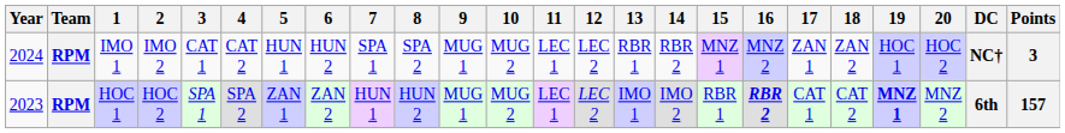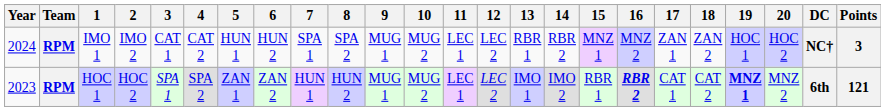 <table class="wikitable" style="text-align:center; font-size:85%;">
 <tr>
 <th>Year</th>
 <th>Team</th>
 <th>1</th>
 <th>2</th>
 <th>3</th>
 <th>4</th>
 <th>5</th>
 <th>6</th>
 <th>7</th>
 <th>8</th>
 <th>9</th>
 <th>10</th>
 <th>11</th>
 <th>12</th>
 <th>13</th>
 <th>14</th>
 <th>15</th>
 <th>16</th>
 <th>17</th>
 <th>18</th>
 <th>19</th>
 <th>20</th>
 <th>DC</th>
 <th>Points</th>
 </tr>
 <tr>
 <td><a href='#'>2024</a></td>
 <th nowrap><a href='#'>RPM</a></th>
 <td><a href='#'>IMO<br>1</a><br></td>
 <td><a href='#'>IMO<br>2</a><br></td>
 <td><a href='#'>CAT<br>1</a><br></td>
 <td><a href='#'>CAT<br>2</a><br></td>
 <td><a href='#'>HUN<br>1</a><br></td>
 <td><a href='#'>HUN<br>2</a><br></td>
 <td><a href='#'>SPA<br>1</a></td>
 <td><a href='#'>SPA<br>2</a></td>
 <td><a href='#'>MUG<br>1</a><br></td>
 <td><a href='#'>MUG<br>2</a><br></td>
 <td><a href='#'>LEC<br>1</a><br></td>
 <td><a href='#'>LEC<br>2</a><br></td>
 <td><a href='#'>RBR<br>1</a></td>
 <td><a href='#'>RBR<br>2</a></td>
 <td style="background:#EFCFFF;"><a href='#'>MNZ<br>1</a><br></td>
 <td style="background:#CFCFFF;"><a href='#'>MNZ<br>2</a><br></td>
 <td><a href='#'>ZAN<br>1</a><br></td>
 <td><a href='#'>ZAN<br>2</a><br></td>
 <td style="background:#CFCFFF;"><a href='#'>HOC<br>1</a><br></td>
 <td style="background:#CFCFFF;"><a href='#'>HOC<br>2</a><br></td>
 <th>NC†</th>
 <th>3</th>
 </tr>
 <tr>
 <td><a href='#'>2023</a></td>
 <th><a href='#'>RPM</a></th>
 <td style="background:#cfcfff;"><a href='#'>HOC<br>1</a><br></td>
 <td style="background:#cfcfff;"><a href='#'>HOC<br>2</a><br></td>
 <td style="background:#dfffdf;"><em><a href='#'>SPA<br>1</a></em><br></td>
 <td style="background:#dfdfdf;"><a href='#'>SPA<br>2</a><br></td>
 <td style="background:#cfcfff;"><a href='#'>ZAN<br>1</a><br></td>
 <td style="background:#dfffdf;"><a href='#'>ZAN<br>2</a><br></td>
 <td style="background:#efcfff;"><a href='#'>HUN<br>1</a><br></td>
 <td style="background:#cfcfff;"><a href='#'>HUN<br>2</a><br></td>
 <td style="background:#dfffdf;"><a href='#'>MUG<br>1</a><br></td>
 <td style="background:#dfffdf;"><a href='#'>MUG<br>2</a><br></td>
 <td style="background:#efcfff;"><a href='#'>LEC<br>1</a><br></td>
 <td style="background:#dfdfdf;"><em><a href='#'>LEC<br>2</a></em><br></td>
 <td style="background:#cfcfff;"><a href='#'>IMO<br>1</a><br></td>
 <td style="background:#dfdfdf;"><a href='#'>IMO<br>2</a><br></td>
 <td style="background:#dfffdf;"><a href='#'>RBR<br>1</a><br></td>
 <td style="background:#dfdfdf;"><strong><em><a href='#'>RBR<br>2</a></em></strong><br></td>
 <td style="background:#dfffdf;"><a href='#'>CAT<br>1</a><br></td>
 <td style="background:#dfffdf;"><a href='#'>CAT<br>2</a><br></td>
 <td style="background:#cfcfff;"><strong><a href='#'>MNZ<br>1</a><br></strong></td>
 <td style="background:#dfffdf;"><a href='#'>MNZ<br>2</a><br></td>
 <th>6th</th>
-<th>157</th>
+<th>121</th>
 </tr>
 </table>
